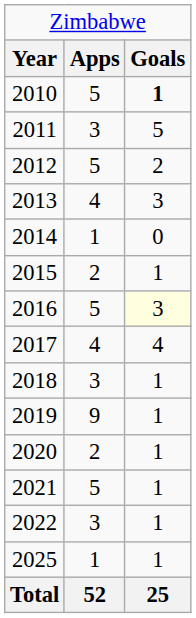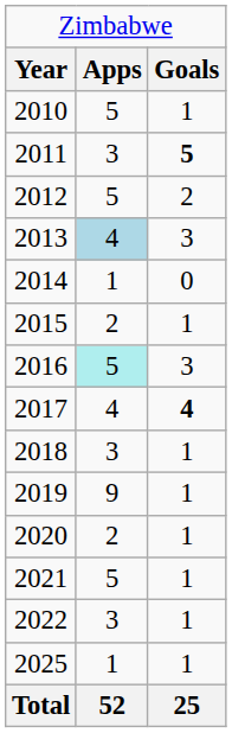 <table class="wikitable" style="text-align:center">
 <tr>
 <td colspan="3"><a href='#'>Zimbabwe</a></td>
 </tr>
 <tr>
 <th>Year</th>
 <th>Apps</th>
 <th>Goals</th>
 </tr>
 <tr>
 <td>2010</td>
 <td>5</td>
-<td><strong>1</strong></td>
+<td>1</td>
 </tr>
 <tr>
 <td>2011</td>
 <td>3</td>
-<td>5</td>
+<td><strong>5</strong></td>
 </tr>
 <tr>
 <td>2012</td>
 <td>5</td>
 <td>2</td>
 </tr>
 <tr>
 <td>2013</td>
-<td>4</td>
+<td style="background: lightblue;">4</td>
 <td>3</td>
 </tr>
 <tr>
 <td>2014</td>
 <td>1</td>
 <td>0</td>
 </tr>
 <tr>
 <td>2015</td>
 <td>2</td>
 <td>1</td>
 </tr>
 <tr>
 <td>2016</td>
-<td>5</td>
-<td style="background: lightyellow;">3</td>
+<td style="background: paleturquoise;">5</td>
+<td>3</td>
 </tr>
 <tr>
 <td>2017</td>
 <td>4</td>
-<td>4</td>
+<td><strong>4</strong></td>
 </tr>
 <tr>
 <td>2018</td>
 <td>3</td>
 <td>1</td>
 </tr>
 <tr>
 <td>2019</td>
 <td>9</td>
 <td>1</td>
 </tr>
 <tr>
 <td>2020</td>
 <td>2</td>
 <td>1</td>
 </tr>
 <tr>
 <td>2021</td>
 <td>5</td>
 <td>1</td>
 </tr>
 <tr>
 <td>2022</td>
 <td>3</td>
 <td>1</td>
 </tr>
 <tr>
 <td>2025</td>
 <td>1</td>
 <td>1</td>
 </tr>
 <tr>
 <th>Total</th>
 <th>52</th>
 <th>25</th>
 </tr>
 </table>
